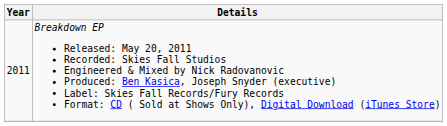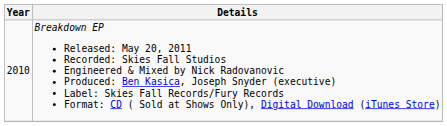 <table class="wikitable" border="1">
 <tr>
 <th>Year</th>
 <th>Details</th>
 </tr>
 <tr>
-<td>2011</td>
+<td>2010</td>
 <td><em>Breakdown EP</em><br><ul><li>Released: May 20, 2011</li><li>Recorded:  Skies Fall Studios</li><li>Engineered & Mixed by Nick Radovanovic</li><li>Produced:  <a href='#'>Ben Kasica</a>,  Joseph Snyder (executive)</li><li>Label: Skies Fall Records/Fury Records</li><li>Format: <a href='#'>CD</a> ( Sold at Shows Only),  <a href='#'>Digital Download</a> (<a href='#'>iTunes Store</a>)</li></ul></td>
 </tr>
 <tr>
 </tr>
 </table>
